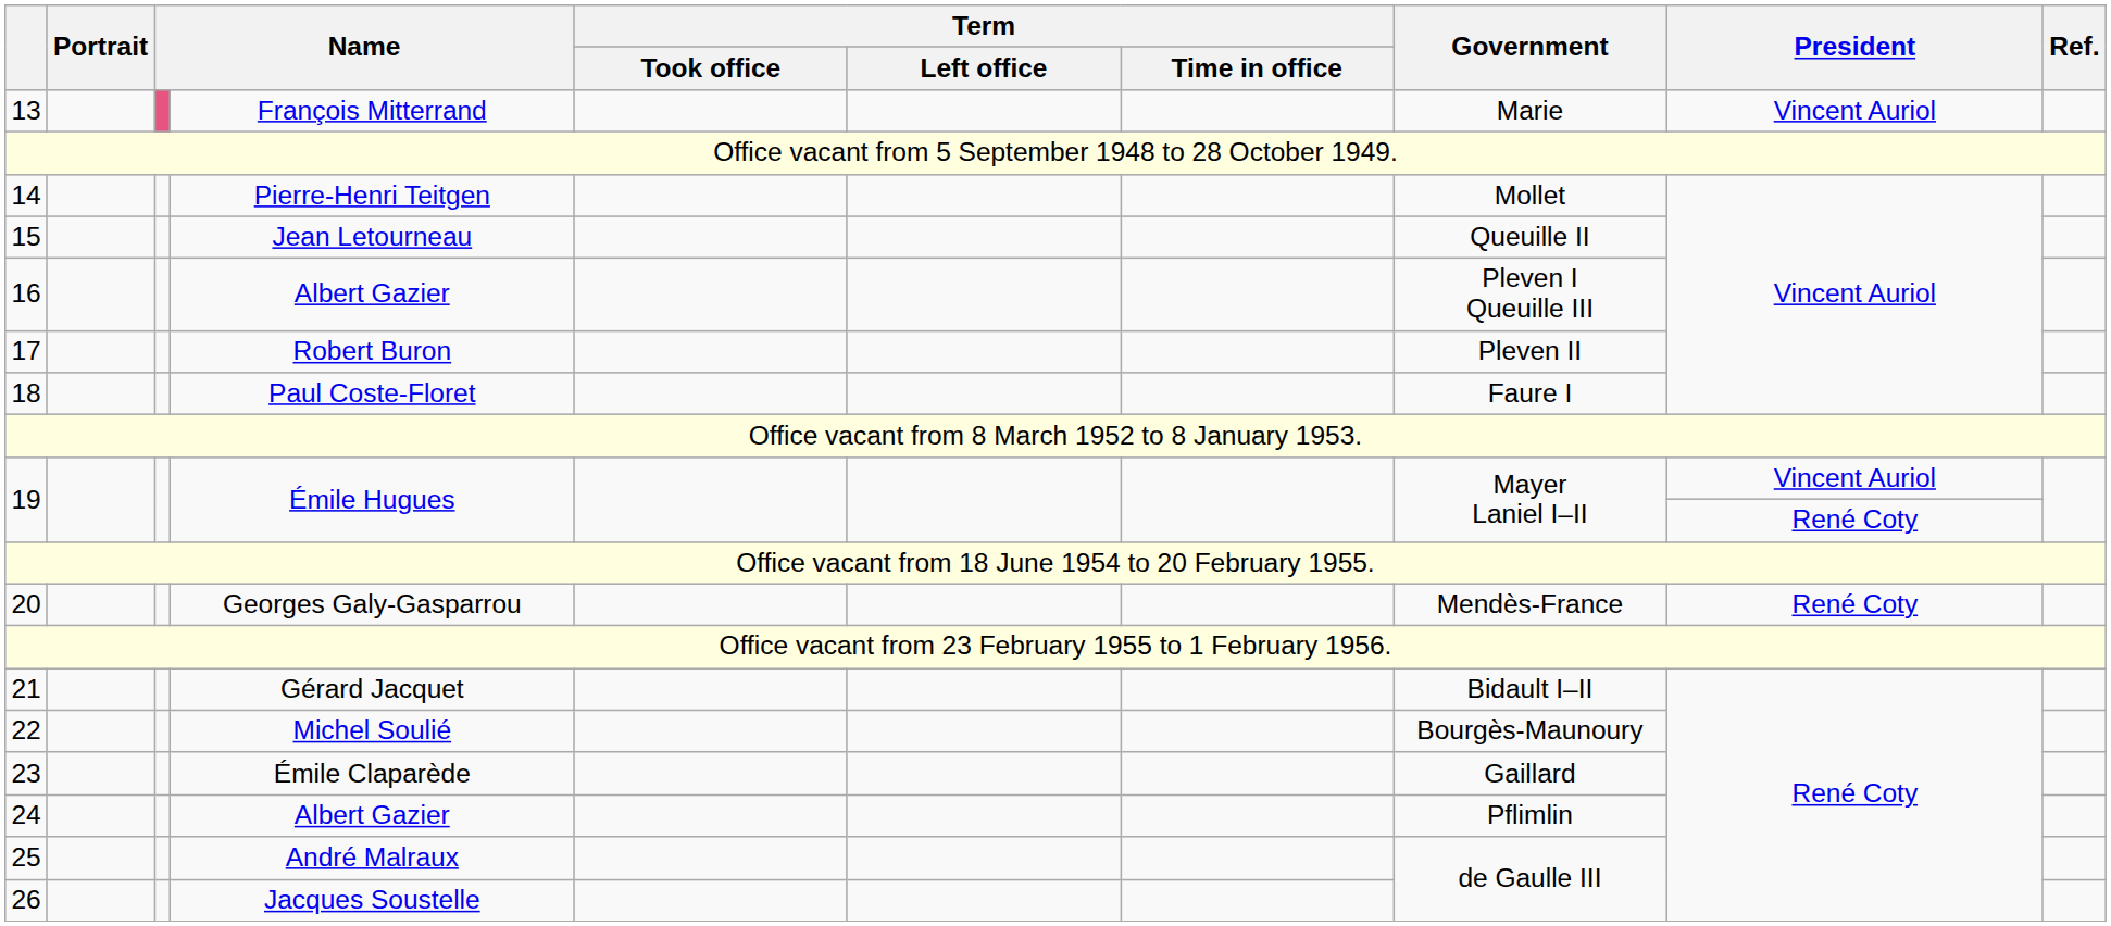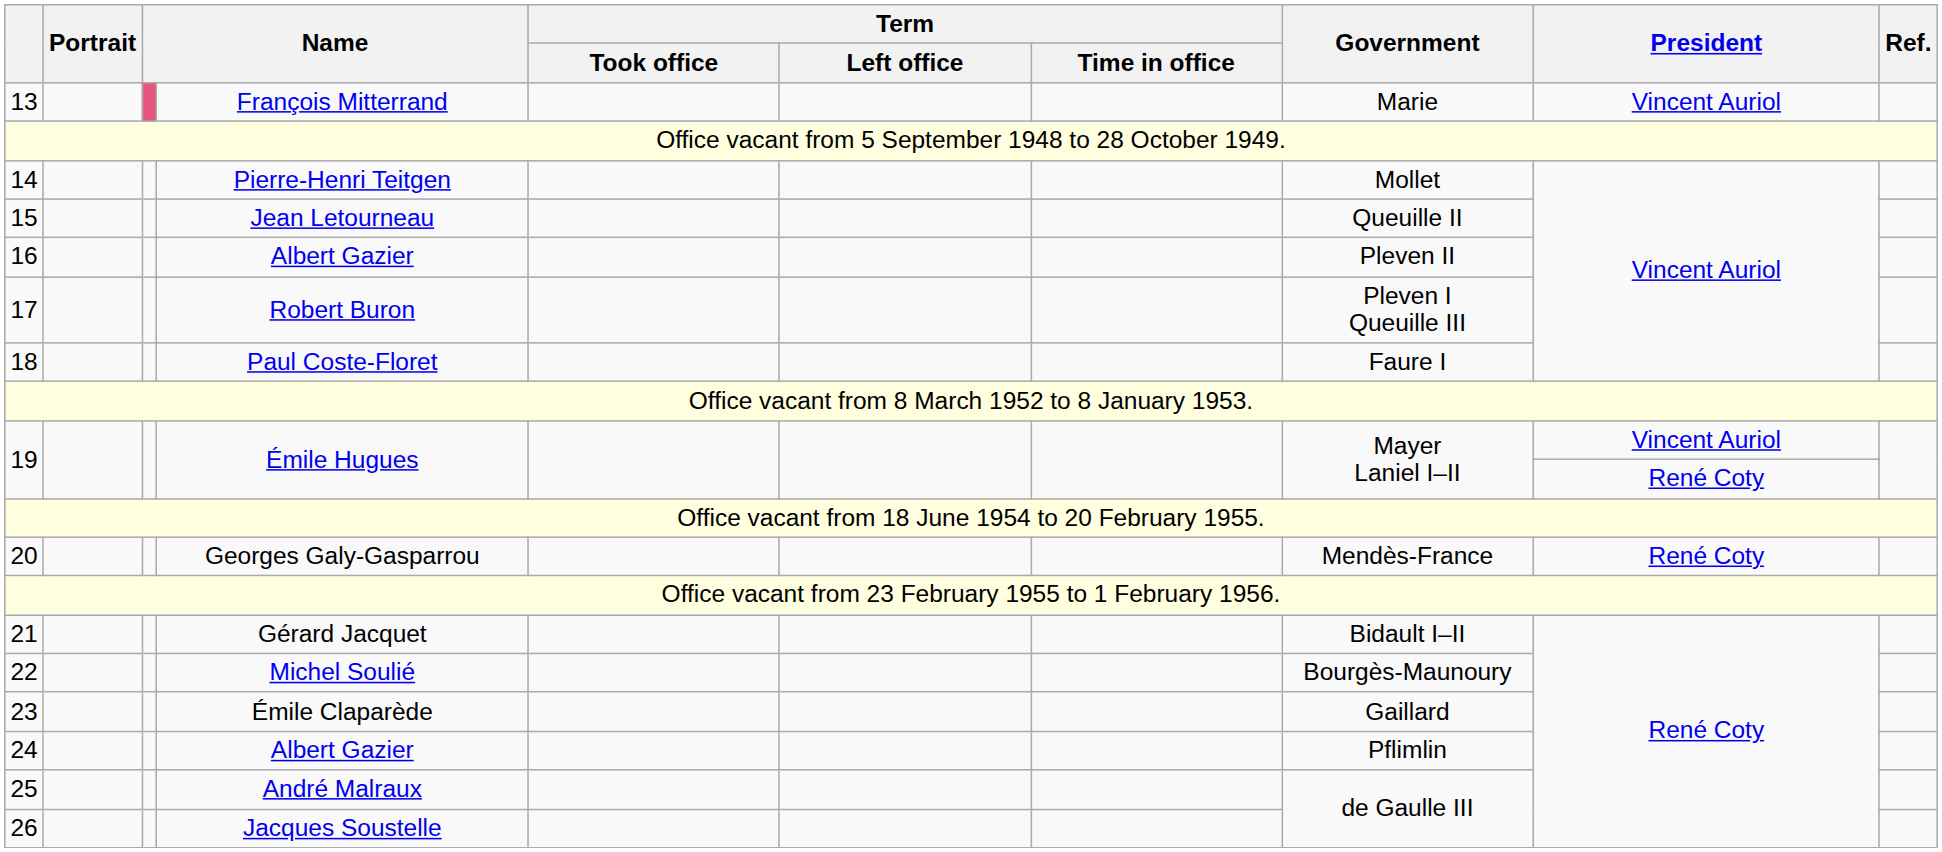 <table class="wikitable" style="text-align:center; width:100%">
 <tr>
 <th style="width:2%" rowspan=2></th>
 <th style="width:5%" rowspan=2>Portrait</th>
 <th style="width:20%" rowspan=2, colspan=2>Name</th>
 <th colspan=3>Term</th>
 <th style="width:13%" rowspan=2>Government</th>
 <th rowspan=2><a href='#'>President</a></th>
 <th style="width:2%" rowspan=2>Ref.</th>
 </tr>
 <tr>
 <th style="width:13%">Took office</th>
 <th style="width:13%">Left office</th>
 <th style="width:13%">Time in office</th>
 </tr>
 <tr>
 <td>13</td>
 <td></td>
 <td style="background:#E75480"></td>
 <td><a href='#'>François Mitterrand</a></td>
 <td></td>
 <td></td>
 <td></td>
 <td>Marie</td>
 <td><a href='#'>Vincent Auriol</a></td>
 <td></td>
 </tr>
 <tr bgcolor="lightyellow">
 <td colspan=10>Office vacant from 5 September 1948 to 28 October 1949.</td>
 </tr>
 <tr>
 <td>14</td>
 <td></td>
 <td style="background:"></td>
 <td><a href='#'>Pierre-Henri Teitgen</a></td>
 <td></td>
 <td></td>
 <td></td>
 <td>Mollet</td>
 <td rowspan=5><a href='#'>Vincent Auriol</a></td>
 <td></td>
 </tr>
 <tr>
 <td>15</td>
 <td></td>
 <td style="background:"></td>
 <td><a href='#'>Jean Letourneau</a></td>
 <td></td>
 <td></td>
 <td></td>
 <td>Queuille II</td>
 <td></td>
 </tr>
 <tr>
 <td>16</td>
 <td></td>
 <td style="background:"></td>
 <td><a href='#'>Albert Gazier</a></td>
 <td></td>
 <td></td>
 <td></td>
-<td>Pleven I<br>Queuille III</td>
+<td>Pleven II</td>
 <td></td>
 </tr>
 <tr>
 <td>17</td>
 <td></td>
 <td style="background:"></td>
 <td><a href='#'>Robert Buron</a></td>
 <td></td>
 <td></td>
 <td></td>
-<td>Pleven II</td>
+<td>Pleven I<br>Queuille III</td>
 <td></td>
 </tr>
 <tr>
 <td>18</td>
 <td></td>
 <td style="background:"></td>
 <td><a href='#'>Paul Coste-Floret</a></td>
 <td></td>
 <td></td>
 <td></td>
 <td>Faure I</td>
 <td></td>
 </tr>
 <tr bgcolor="lightyellow">
 <td colspan=10>Office vacant from 8 March 1952 to 8 January 1953.</td>
 </tr>
 <tr>
 <td rowspan=2>19</td>
 <td rowspan=2></td>
 <td rowspan=2 style="background:"></td>
 <td rowspan=2><a href='#'>Émile Hugues</a></td>
 <td rowspan=2></td>
 <td rowspan=2></td>
 <td rowspan=2></td>
 <td rowspan=2>Mayer<br>Laniel I–II</td>
 <td><a href='#'>Vincent Auriol</a></td>
 <td rowspan=2></td>
 </tr>
 <tr>
 <td><a href='#'>René Coty</a></td>
 </tr>
 <tr bgcolor="lightyellow">
 <td colspan=10>Office vacant from 18 June 1954 to 20 February 1955.</td>
 </tr>
 <tr>
 <td>20</td>
 <td></td>
 <td style="background:"></td>
 <td>Georges Galy-Gasparrou</td>
 <td></td>
 <td></td>
 <td></td>
 <td>Mendès-France</td>
 <td><a href='#'>René Coty</a></td>
 <td></td>
 </tr>
 <tr bgcolor="lightyellow">
 <td colspan=10>Office vacant from 23 February 1955 to 1 February 1956.</td>
 </tr>
 <tr>
 <td>21</td>
 <td></td>
 <td style="background:"></td>
 <td>Gérard Jacquet</td>
 <td></td>
 <td></td>
 <td></td>
 <td>Bidault I–II</td>
 <td rowspan=6><a href='#'>René Coty</a></td>
 <td></td>
 </tr>
 <tr>
 <td>22</td>
 <td></td>
 <td style="background:"></td>
 <td><a href='#'>Michel Soulié</a></td>
 <td></td>
 <td></td>
 <td></td>
 <td>Bourgès-Maunoury</td>
 <td></td>
 </tr>
 <tr>
 <td>23</td>
 <td></td>
 <td style="background:"></td>
 <td>Émile Claparède</td>
 <td></td>
 <td></td>
 <td></td>
 <td>Gaillard</td>
 <td></td>
 </tr>
 <tr>
 <td>24</td>
 <td></td>
 <td style="background:"></td>
 <td><a href='#'>Albert Gazier</a></td>
 <td></td>
 <td></td>
 <td></td>
 <td>Pflimlin</td>
 <td></td>
 </tr>
 <tr>
 <td>25</td>
 <td></td>
 <td style="background:"></td>
 <td><a href='#'>André Malraux</a></td>
 <td></td>
 <td></td>
 <td></td>
 <td rowspan=2>de Gaulle III</td>
 <td></td>
 </tr>
 <tr>
 <td>26</td>
 <td></td>
 <td style="background:"></td>
 <td><a href='#'>Jacques Soustelle</a></td>
 <td></td>
 <td></td>
 <td></td>
 <td></td>
 </tr>
 </table>
